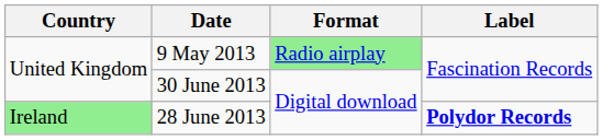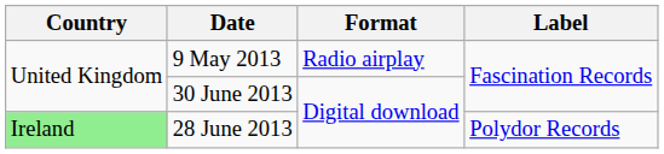 <table class="wikitable">
 <tr>
 <th>Country</th>
 <th>Date</th>
 <th>Format</th>
 <th>Label</th>
 </tr>
 <tr>
 <td rowspan="2">United Kingdom</td>
 <td>9 May 2013</td>
-<td style="background: lightgreen;"><a href='#'>Radio airplay</a></td>
+<td><a href='#'>Radio airplay</a></td>
 <td rowspan="2"><a href='#'>Fascination Records</a></td>
 </tr>
 <tr>
 <td>30 June 2013</td>
 <td rowspan="2"><a href='#'>Digital download</a></td>
 </tr>
 <tr>
 <td style="background: lightgreen;">Ireland</td>
 <td>28 June 2013</td>
-<td><strong><a href='#'>Polydor Records</a></strong></td>
+<td><a href='#'>Polydor Records</a></td>
 </tr>
 </table>
